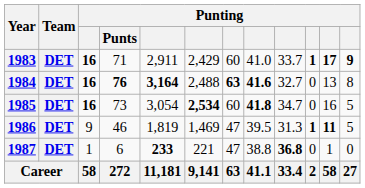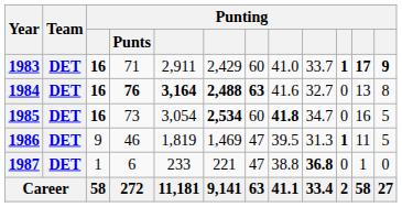 <table class=wikitable style="text-align:center;">
 <tr>
 <th rowspan="2">Year</th>
 <th rowspan="2">Team</th>
 <th colspan="10">Punting</th>
 </tr>
 <tr>
 <th></th>
 <th>Punts</th>
 <th></th>
 <th></th>
 <th></th>
 <th></th>
 <th></th>
 <th></th>
 <th></th>
 <th></th>
 </tr>
 <tr>
 <th><a href='#'>1983</a></th>
 <th><a href='#'>DET</a></th>
 <td><strong>16</strong></td>
 <td>71</td>
 <td>2,911</td>
 <td>2,429</td>
 <td>60</td>
 <td>41.0</td>
 <td>33.7</td>
 <td><strong>1</strong></td>
 <td><strong>17</strong></td>
 <td><strong>9</strong></td>
 </tr>
 <tr>
 <th><a href='#'>1984</a></th>
 <th><a href='#'>DET</a></th>
 <td><strong>16</strong></td>
 <td><strong>76</strong></td>
 <td><strong>3,164</strong></td>
-<td>2,488</td>
+<td><strong>2,488</strong></td>
 <td><strong>63</strong></td>
-<td><strong>41.6</strong></td>
+<td>41.6</td>
 <td>32.7</td>
 <td>0</td>
 <td>13</td>
 <td>8</td>
 </tr>
 <tr>
 <th><a href='#'>1985</a></th>
 <th><a href='#'>DET</a></th>
 <td><strong>16</strong></td>
 <td>73</td>
 <td>3,054</td>
 <td><strong>2,534</strong></td>
 <td>60</td>
 <td><strong>41.8</strong></td>
 <td>34.7</td>
 <td>0</td>
 <td>16</td>
 <td>5</td>
 </tr>
 <tr>
 <th><a href='#'>1986</a></th>
 <th><a href='#'>DET</a></th>
 <td>9</td>
 <td>46</td>
 <td>1,819</td>
 <td>1,469</td>
 <td>47</td>
 <td>39.5</td>
 <td>31.3</td>
 <td><strong>1</strong></td>
-<td><strong>11</strong></td>
+<td>11</td>
 <td>5</td>
 </tr>
 <tr>
 <th><a href='#'>1987</a></th>
 <th><a href='#'>DET</a></th>
 <td>1</td>
 <td>6</td>
-<td><strong>233</strong></td>
+<td>233</td>
 <td>221</td>
 <td>47</td>
 <td>38.8</td>
 <td><strong>36.8</strong></td>
 <td>0</td>
 <td>1</td>
 <td>0</td>
 </tr>
 <tr>
 <th colspan="2">Career</th>
 <th>58</th>
 <th>272</th>
 <th>11,181</th>
 <th>9,141</th>
 <th>63</th>
 <th>41.1</th>
 <th>33.4</th>
 <th>2</th>
 <th>58</th>
 <th>27</th>
 </tr>
 </table>
